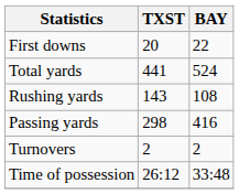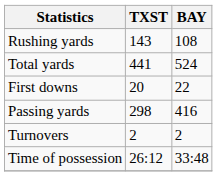 <table class="wikitable" style="float: left;">
 <tr>
 <th>Statistics</th>
 <th>TXST</th>
 <th>BAY</th>
 </tr>
 <tr>
-<td>First downs</td>
-<td>20</td>
-<td>22</td>
+<td>Rushing yards</td>
+<td>143</td>
+<td>108</td>
 </tr>
 <tr>
 <td>Total yards</td>
 <td>441</td>
 <td>524</td>
 </tr>
 <tr>
-<td>Rushing yards</td>
-<td>143</td>
-<td>108</td>
+<td>First downs</td>
+<td>20</td>
+<td>22</td>
 </tr>
 <tr>
 <td>Passing yards</td>
 <td>298</td>
 <td>416</td>
 </tr>
 <tr>
 <td>Turnovers</td>
 <td>2</td>
 <td>2</td>
 </tr>
 <tr>
 <td>Time of possession</td>
 <td>26:12</td>
 <td>33:48</td>
 </tr>
 <tr>
 </tr>
 </table>
